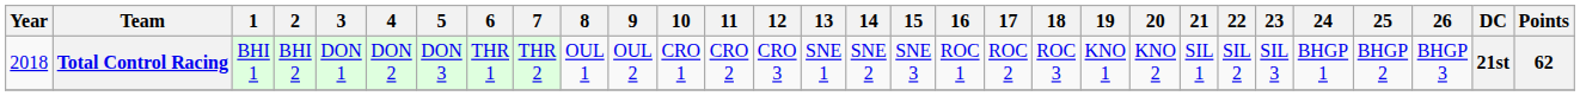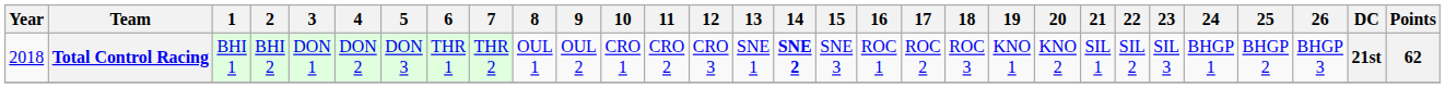 <table class="wikitable" style="text-align:center; font-size:85%">
 <tr>
 <th>Year</th>
 <th>Team</th>
 <th>1</th>
 <th>2</th>
 <th>3</th>
 <th>4</th>
 <th>5</th>
 <th>6</th>
 <th>7</th>
 <th>8</th>
 <th>9</th>
 <th>10</th>
 <th>11</th>
 <th>12</th>
 <th>13</th>
 <th>14</th>
 <th>15</th>
 <th>16</th>
 <th>17</th>
 <th>18</th>
 <th>19</th>
 <th>20</th>
 <th>21</th>
 <th>22</th>
 <th>23</th>
 <th>24</th>
 <th>25</th>
 <th>26</th>
 <th>DC</th>
 <th>Points</th>
 </tr>
 <tr>
 <td><a href='#'>2018</a></td>
 <th nowrap><a href='#'>Total Control Racing</a></th>
 <td style="background:#dfffdf;"><a href='#'>BHI<br>1</a><br></td>
 <td style="background:#dfffdf;"><a href='#'>BHI<br>2</a><br></td>
 <td style="background:#dfffdf;"><a href='#'>DON<br>1</a><br></td>
 <td style="background:#dfffdf;"><a href='#'>DON<br>2</a><br></td>
 <td style="background:#dfffdf;"><a href='#'>DON<br>3</a><br></td>
 <td style="background:#dfffdf;"><a href='#'>THR<br>1</a><br></td>
 <td style="background:#dfffdf;"><a href='#'>THR<br>2</a><br></td>
 <td><a href='#'>OUL<br>1</a></td>
 <td><a href='#'>OUL<br>2</a></td>
 <td><a href='#'>CRO<br>1</a></td>
 <td><a href='#'>CRO<br>2</a></td>
 <td><a href='#'>CRO<br>3</a></td>
 <td><a href='#'>SNE<br>1</a></td>
-<td><a href='#'>SNE<br>2</a></td>
+<td><strong><a href='#'>SNE<br>2</a></strong></td>
 <td><a href='#'>SNE<br>3</a></td>
 <td><a href='#'>ROC<br>1</a></td>
 <td><a href='#'>ROC<br>2</a></td>
 <td><a href='#'>ROC<br>3</a></td>
 <td><a href='#'>KNO<br>1</a></td>
 <td><a href='#'>KNO<br>2</a></td>
 <td><a href='#'>SIL<br>1</a></td>
 <td><a href='#'>SIL<br>2</a></td>
 <td><a href='#'>SIL<br>3</a></td>
 <td><a href='#'>BHGP<br>1</a></td>
 <td><a href='#'>BHGP<br>2</a></td>
 <td><a href='#'>BHGP<br>3</a></td>
 <th>21st</th>
 <th>62</th>
 </tr>
 <tr>
 </tr>
 </table>
